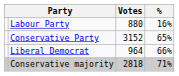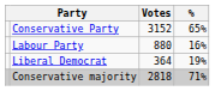 <table class="wikitable">
 <tr>
 <th colspan="2">Party</th>
 <th width="40px">Votes</th>
 <th width="40px">%</th>
+</tr>
+<tr>
+<td style="color:inherit;background:"></td>
+<td><a href='#'>Conservative Party</a></td>
+<td align="right">3152</td>
+<td align="right">65%</td>
 </tr>
 <tr>
 <td style="color:inherit;background:"></td>
 <td><a href='#'>Labour Party</a></td>
 <td align="right">880</td>
 <td align="right">16%</td>
 </tr>
 <tr>
 <td style="color:inherit;background:"></td>
-<td><a href='#'>Conservative Party</a></td>
-<td align="right">3152</td>
-<td align="right">65%</td>
-</tr>
-<tr>
-<td style="color:inherit;background:"></td>
 <td><a href='#'>Liberal Democrat</a></td>
-<td align="right">964</td>
-<td align="right">66%</td>
+<td align="right">364</td>
+<td align="right">19%</td>
 </tr>
 <tr bgcolor="CCCCCC">
 <td style="color:inherit;background:"></td>
 <td>Conservative majority</td>
 <td align="right">2818</td>
 <td align="right">71%</td>
 </tr>
 </table>
